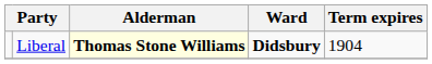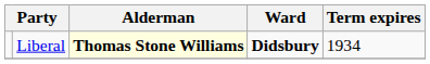 <table class="wikitable">
 <tr>
 <th colspan="2">Party</th>
 <th>Alderman</th>
 <th>Ward</th>
 <th>Term expires</th>
 </tr>
 <tr>
 <td style="background-color:"></td>
 <td><a href='#'>Liberal</a></td>
 <td style="background: lightyellow;"><strong>Thomas Stone Williams</strong></td>
 <td><strong>Didsbury</strong></td>
-<td>1904</td>
+<td>1934</td>
 </tr>
 <tr>
 </tr>
 </table>
